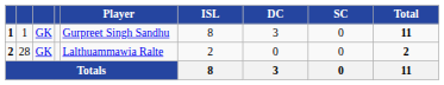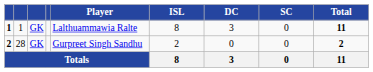 <table class="wikitable" style="font-size: 95%; text-align: center;">
 <tr>
 <th rowspan="1" !width=15 style="background:#2545A0; color:#FFFFFF; "></th>
 <th rowspan="1" !width=15 style="background:#2545A0; color:#FFFFFF; "></th>
 <th rowspan="1" !width=15 style="background:#2545A0; color:#FFFFFF; "></th>
 <th rowspan="1" !width=15 style="background:#2545A0; color:#FFFFFF; "></th>
 <th width=150 style="background:#2545A0; color:#FFFFFF; ">Player</th>
 <th width=80 style="background:#2545A0; color:#FFFFFF; ">ISL</th>
 <th width=80 style="background:#2545A0; color:#FFFFFF; ">DC</th>
 <th width=80 style="background:#2545A0; color:#FFFFFF; ">SC</th>
 <th width=80 style="background:#2545A0; color:#FFFFFF; ">Total</th>
 </tr>
 <tr>
 <td><strong>1</strong></td>
 <td>1</td>
 <td><a href='#'>GK</a></td>
 <td></td>
-<td align=left><a href='#'>Gurpreet Singh Sandhu</a></td>
+<td align=left><a href='#'>Lalthuammawia Ralte</a></td>
 <td>8</td>
 <td>3</td>
 <td>0</td>
 <td><strong>11</strong></td>
 </tr>
 <tr>
 <td><strong>2</strong></td>
 <td>28</td>
 <td><a href='#'>GK</a></td>
 <td></td>
-<td align=left><a href='#'>Lalthuammawia Ralte</a></td>
+<td align=left><a href='#'>Gurpreet Singh Sandhu</a></td>
 <td>2</td>
 <td>0</td>
 <td>0</td>
 <td><strong>2</strong></td>
 </tr>
 <tr>
 <th colspan="5" style="background:#2545A0; color:#FFFFFF; ">Totals</th>
 <th>8</th>
 <th>3</th>
 <th>0</th>
 <th>11</th>
 </tr>
 </table>
